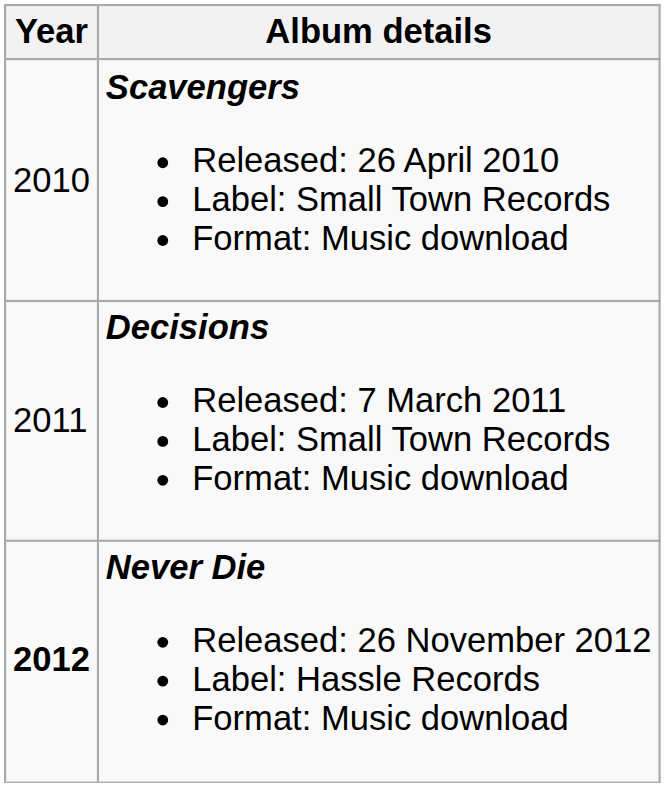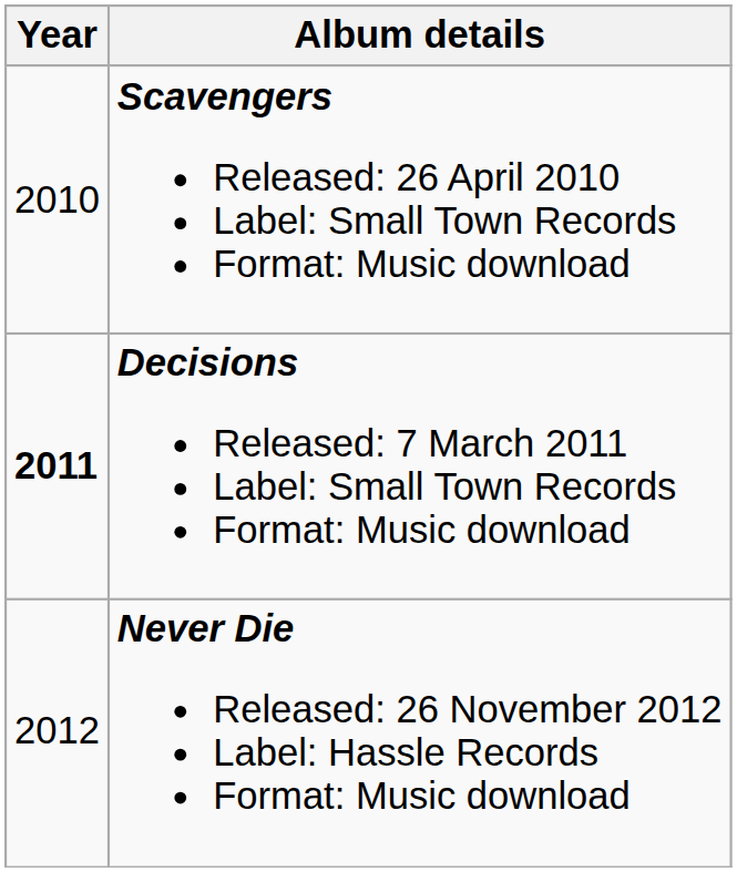 <table class="wikitable">
 <tr>
 <th>Year</th>
 <th>Album details</th>
 </tr>
 <tr>
 <td>2010</td>
 <td><strong><em>Scavengers</em></strong><br><ul><li>Released: 26 April 2010</li><li>Label: Small Town Records</li><li>Format: Music download</li></ul></td>
 </tr>
 <tr>
-<td>2011</td>
+<td><strong>2011</strong></td>
 <td><strong><em>Decisions</em></strong><br><ul><li>Released: 7 March 2011</li><li>Label: Small Town Records</li><li>Format: Music download</li></ul></td>
 </tr>
 <tr>
-<td><strong>2012</strong></td>
+<td>2012</td>
 <td><strong><em>Never Die</em></strong><br><ul><li>Released: 26 November 2012</li><li>Label: Hassle Records</li><li>Format: Music download</li></ul></td>
 </tr>
 </table>
